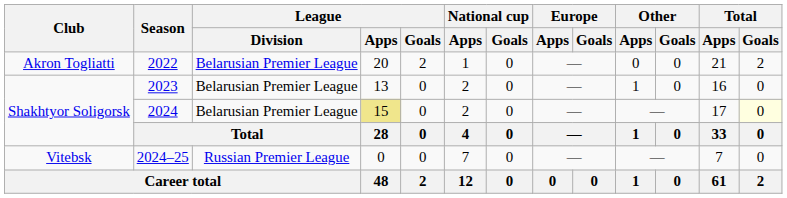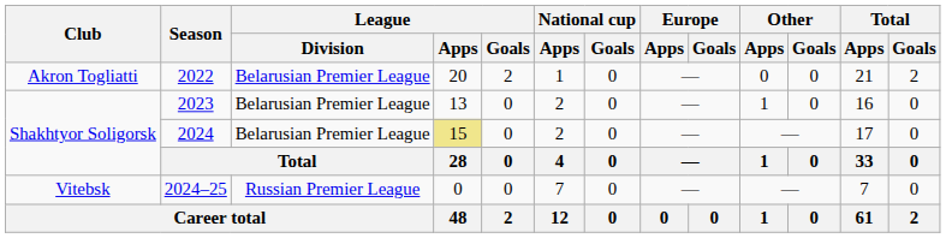 <table class="wikitable" style="font-size:100%; text-align: center">
 <tr>
 <th rowspan="2">Club</th>
 <th rowspan="2">Season</th>
 <th colspan="3">League</th>
 <th colspan="2">National cup</th>
 <th colspan="2">Europe</th>
 <th colspan="2">Other</th>
 <th colspan="2">Total</th>
 </tr>
 <tr>
 <th>Division</th>
 <th>Apps</th>
 <th>Goals</th>
 <th>Apps</th>
 <th>Goals</th>
 <th>Apps</th>
 <th>Goals</th>
 <th>Apps</th>
 <th>Goals</th>
 <th>Apps</th>
 <th>Goals</th>
 </tr>
 <tr>
 <td><a href='#'>Akron Togliatti</a></td>
 <td><a href='#'>2022</a></td>
 <td><a href='#'>Belarusian Premier League</a></td>
 <td>20</td>
 <td>2</td>
 <td>1</td>
 <td>0</td>
 <td colspan="2">—</td>
 <td>0</td>
 <td>0</td>
 <td>21</td>
 <td>2</td>
 </tr>
 <tr>
 <td rowspan="3"><a href='#'>Shakhtyor Soligorsk</a></td>
 <td><a href='#'>2023</a></td>
 <td>Belarusian Premier League</td>
 <td>13</td>
 <td>0</td>
 <td>2</td>
 <td>0</td>
 <td colspan="2">—</td>
 <td>1</td>
 <td>0</td>
 <td>16</td>
 <td>0</td>
 </tr>
 <tr>
 <td><a href='#'>2024</a></td>
 <td>Belarusian Premier League</td>
 <td style="background: khaki;">15</td>
 <td>0</td>
 <td>2</td>
 <td>0</td>
 <td colspan="2">—</td>
 <td colspan="2">—</td>
 <td>17</td>
-<td style="background: lightyellow;">0</td>
+<td>0</td>
 </tr>
 <tr>
 <th colspan="2">Total</th>
 <th>28</th>
 <th>0</th>
 <th>4</th>
 <th>0</th>
 <th colspan="2">—</th>
 <th>1</th>
 <th>0</th>
 <th>33</th>
 <th>0</th>
 </tr>
 <tr>
 <td><a href='#'>Vitebsk</a></td>
 <td><a href='#'>2024–25</a></td>
 <td><a href='#'>Russian Premier League</a></td>
 <td>0</td>
 <td>0</td>
 <td>7</td>
 <td>0</td>
 <td colspan="2">—</td>
 <td colspan="2">—</td>
 <td>7</td>
 <td>0</td>
 </tr>
 <tr>
 <th colspan="3">Career total</th>
 <th>48</th>
 <th>2</th>
 <th>12</th>
 <th>0</th>
 <th>0</th>
 <th>0</th>
 <th>1</th>
 <th>0</th>
 <th>61</th>
 <th>2</th>
 </tr>
 </table>
